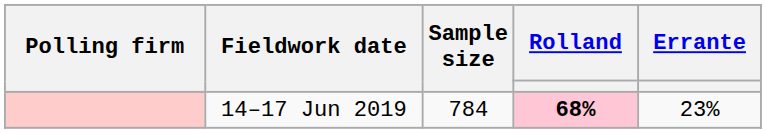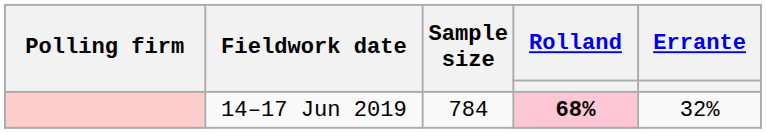 <table class="wikitable sortable" style="text-align:center;font-size:90%;line-height:14px;">
 <tr style="height:40px;">
 <th style="width:100px;" rowspan="2">Polling firm</th>
 <th style="width:110px;" rowspan="2">Fieldwork date</th>
 <th style="width:35px;" rowspan="2">Sample<br>size</th>
 <th class="unsortable" style="width:60px;"><a href='#'>Rolland</a><br></th>
 <th class="unsortable" style="width:60px;"><a href='#'>Errante</a><br></th>
 </tr>
 <tr>
 <th style="background:"></th>
 <th style="background:"></th>
 </tr>
 <tr>
 <td style="background:#FFCCCC;"></td>
 <td data-sort-value="2019-06-17">14–17 Jun 2019</td>
 <td>784</td>
 <td style="background:#FFC6D5;"><strong>68%</strong></td>
-<td>23%</td>
+<td>32%</td>
 </tr>
 </table>
